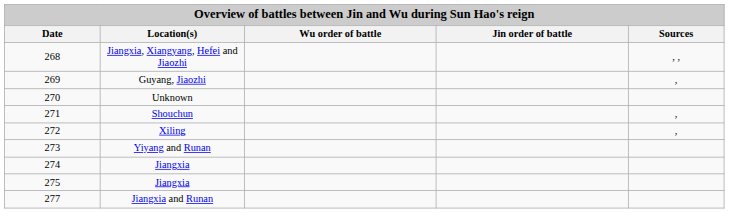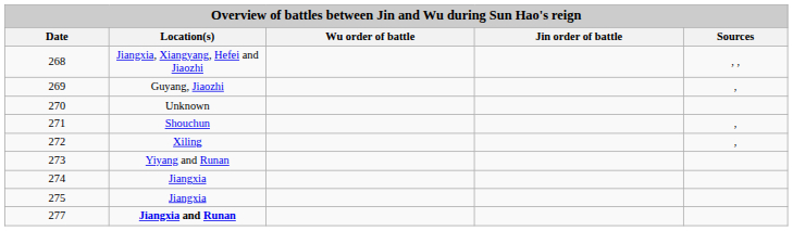 <table align=center class="wikitable" style="width:75%; font-size:85%; text-align:center">
 <tr>
 <td colspan="6" style="background:#cccccc; font-size:120%"><strong>Overview of battles between Jin and Wu during Sun Hao's reign</strong></td>
 </tr>
 <tr>
 <th width=10%>Date</th>
 <th width=15%>Location(s)</th>
 <th width=20%>Wu order of battle</th>
 <th width=20%>Jin order of battle</th>
 <th width=10%>Sources</th>
 </tr>
 <tr>
 <td>268</td>
 <td><a href='#'>Jiangxia</a>, <a href='#'>Xiangyang</a>, <a href='#'>Hefei</a> and <a href='#'>Jiaozhi</a></td>
 <td></td>
 <td></td>
 <td>, , </td>
 </tr>
 <tr>
 <td>269</td>
 <td>Guyang, <a href='#'>Jiaozhi</a></td>
 <td></td>
 <td></td>
 <td>, </td>
 </tr>
 <tr>
 <td>270</td>
 <td>Unknown</td>
 <td></td>
 <td></td>
 <td></td>
 </tr>
 <tr>
 <td>271</td>
 <td><a href='#'>Shouchun</a></td>
 <td></td>
 <td></td>
 <td>, </td>
 </tr>
 <tr>
 <td>272</td>
 <td><a href='#'>Xiling</a></td>
 <td></td>
 <td></td>
 <td>, </td>
 </tr>
 <tr>
 <td>273</td>
 <td><a href='#'>Yiyang</a> and <a href='#'>Runan</a></td>
 <td></td>
 <td></td>
 <td></td>
 </tr>
 <tr>
 <td>274</td>
 <td><a href='#'>Jiangxia</a></td>
 <td></td>
 <td></td>
 <td></td>
 </tr>
 <tr>
 <td>275</td>
 <td><a href='#'>Jiangxia</a></td>
 <td></td>
 <td></td>
 <td></td>
 </tr>
 <tr>
 <td>277</td>
-<td><a href='#'>Jiangxia</a> and <a href='#'>Runan</a></td>
+<td><strong><a href='#'>Jiangxia</a> and <a href='#'>Runan</a></strong></td>
 <td></td>
 <td></td>
 <td></td>
 </tr>
 </table>
